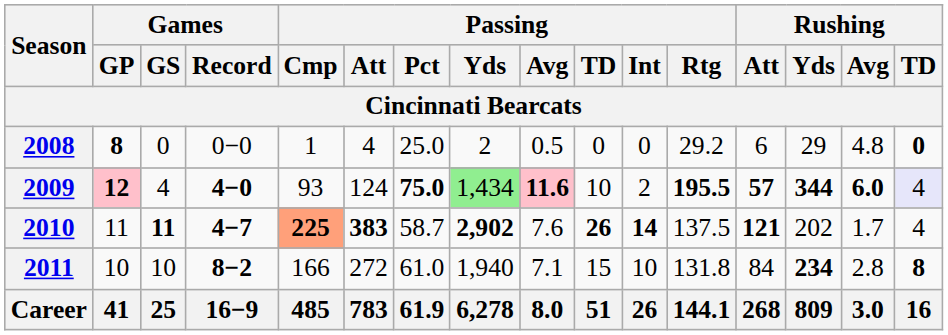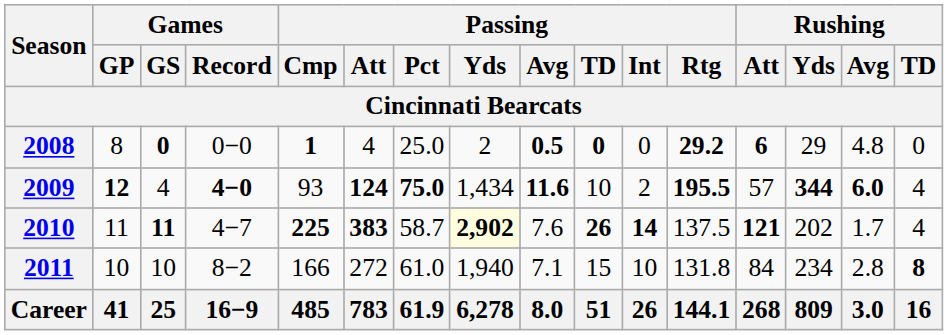 <table class="wikitable" style="text-align:center;">
 <tr>
 <th rowspan="2">Season</th>
 <th colspan="3">Games</th>
 <th colspan="8">Passing</th>
 <th colspan="5">Rushing</th>
 </tr>
 <tr>
 <th>GP</th>
 <th>GS</th>
 <th>Record</th>
 <th>Cmp</th>
 <th>Att</th>
 <th>Pct</th>
 <th>Yds</th>
 <th>Avg</th>
 <th>TD</th>
 <th>Int</th>
 <th>Rtg</th>
 <th>Att</th>
 <th>Yds</th>
 <th>Avg</th>
 <th>TD</th>
 </tr>
 <tr>
 <th colspan="16">Cincinnati Bearcats</th>
 </tr>
 <tr>
 <th><a href='#'>2008</a></th>
-<td><strong>8</strong></td>
-<td>0</td>
+<td>8</td>
+<td><strong>0</strong></td>
 <td>0−0</td>
-<td>1</td>
+<td><strong>1</strong></td>
 <td>4</td>
 <td>25.0</td>
 <td>2</td>
-<td>0.5</td>
+<td><strong>0.5</strong></td>
+<td><strong>0</strong></td>
 <td>0</td>
-<td>0</td>
-<td>29.2</td>
-<td>6</td>
+<td><strong>29.2</strong></td>
+<td><strong>6</strong></td>
 <td>29</td>
 <td>4.8</td>
-<td><strong>0</strong></td>
+<td>0</td>
 </tr>
 <tr>
 <th><a href='#'>2009</a></th>
-<td style="background: pink;"><strong>12</strong></td>
+<td><strong>12</strong></td>
 <td>4</td>
 <td><strong>4−0</strong></td>
 <td>93</td>
-<td>124</td>
+<td><strong>124</strong></td>
 <td><strong>75.0</strong></td>
-<td style="background: lightgreen;">1,434</td>
-<td style="background: pink;"><strong>11.6</strong></td>
+<td>1,434</td>
+<td><strong>11.6</strong></td>
 <td>10</td>
 <td>2</td>
 <td><strong>195.5</strong></td>
-<td><strong>57</strong></td>
+<td>57</td>
 <td><strong>344</strong></td>
 <td><strong>6.0</strong></td>
-<td style="background: lavender;">4</td>
+<td>4</td>
 </tr>
 <tr>
 <th><a href='#'>2010</a></th>
 <td>11</td>
 <td><strong>11</strong></td>
-<td><strong>4−7</strong></td>
-<td style="background: lightsalmon;"><strong>225</strong></td>
+<td>4−7</td>
+<td><strong>225</strong></td>
 <td><strong>383</strong></td>
 <td>58.7</td>
-<td><strong>2,902</strong></td>
+<td style="background: lightyellow;"><strong>2,902</strong></td>
 <td>7.6</td>
 <td><strong>26</strong></td>
 <td><strong>14</strong></td>
 <td>137.5</td>
 <td><strong>121</strong></td>
 <td>202</td>
 <td>1.7</td>
 <td>4</td>
 </tr>
 <tr>
 <th><a href='#'>2011</a></th>
 <td>10</td>
 <td>10</td>
-<td><strong>8−2</strong></td>
+<td>8−2</td>
 <td>166</td>
 <td>272</td>
 <td>61.0</td>
 <td>1,940</td>
 <td>7.1</td>
 <td>15</td>
 <td>10</td>
 <td>131.8</td>
 <td>84</td>
-<td><strong>234</strong></td>
+<td>234</td>
 <td>2.8</td>
 <td><strong>8</strong></td>
 </tr>
 <tr>
 <th>Career</th>
 <th>41</th>
 <th>25</th>
 <th>16−9</th>
 <th>485</th>
 <th>783</th>
 <th>61.9</th>
 <th>6,278</th>
 <th>8.0</th>
 <th>51</th>
 <th>26</th>
 <th>144.1</th>
 <th>268</th>
 <th>809</th>
 <th>3.0</th>
 <th>16</th>
 </tr>
 </table>
